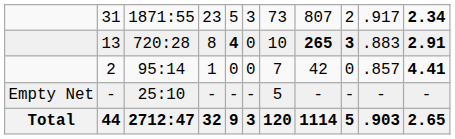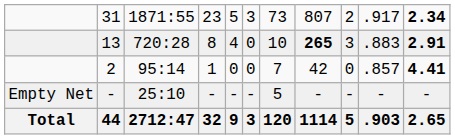 <table class="wikitable sortable">
 <tr align="center" bgcolor="">
 <td></td>
 <td>31</td>
 <td>1871:55</td>
 <td>23</td>
 <td>5</td>
 <td>3</td>
 <td>73</td>
 <td>807</td>
 <td>2</td>
 <td>.917</td>
 <td><strong>2.34</strong></td>
 </tr>
 <tr align="center" bgcolor="f0f0f0">
 <td></td>
 <td>13</td>
 <td>720:28</td>
 <td>8</td>
-<td><strong>4</strong></td>
+<td>4</td>
 <td>0</td>
 <td>10</td>
 <td><strong>265</strong></td>
-<td><strong>3</strong></td>
+<td>3</td>
 <td>.883</td>
 <td><strong>2.91</strong></td>
 </tr>
 <tr align="center" bgcolor="">
 <td></td>
 <td>2</td>
 <td>95:14</td>
 <td>1</td>
 <td>0</td>
 <td>0</td>
 <td>7</td>
 <td>42</td>
 <td>0</td>
 <td>.857</td>
 <td><strong>4.41</strong></td>
 </tr>
 <tr align="center" bgcolor="f0f0f0">
 <td>Empty Net</td>
 <td>-</td>
 <td>25:10</td>
 <td>-</td>
 <td>-</td>
 <td>-</td>
 <td>5</td>
 <td>-</td>
 <td>-</td>
 <td>-</td>
 <td>-</td>
 </tr>
 <tr>
 <th>Total</th>
 <th>44</th>
 <th>2712:47</th>
 <th>32</th>
 <th>9</th>
 <th>3</th>
 <th>120</th>
 <th>1114</th>
 <th>5</th>
 <th>.903</th>
 <th>2.65</th>
 </tr>
 </table>
